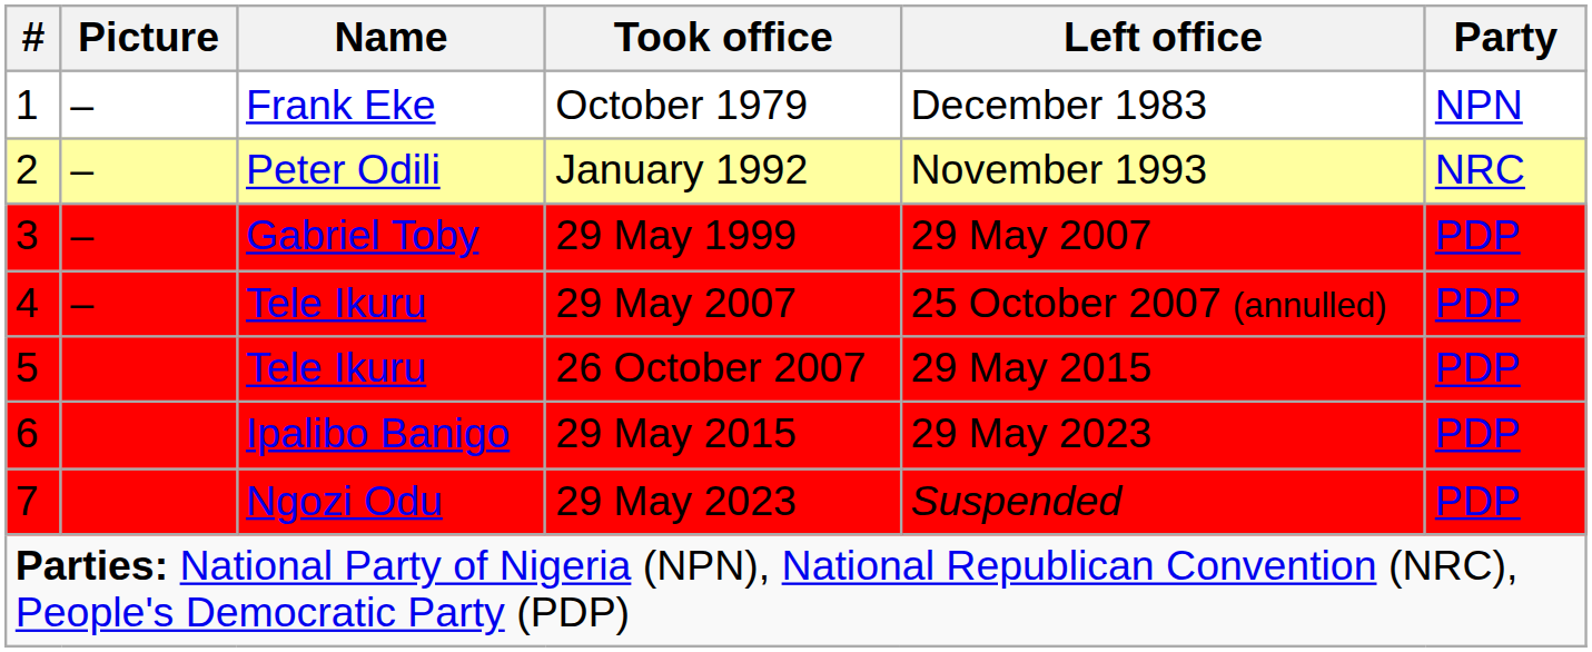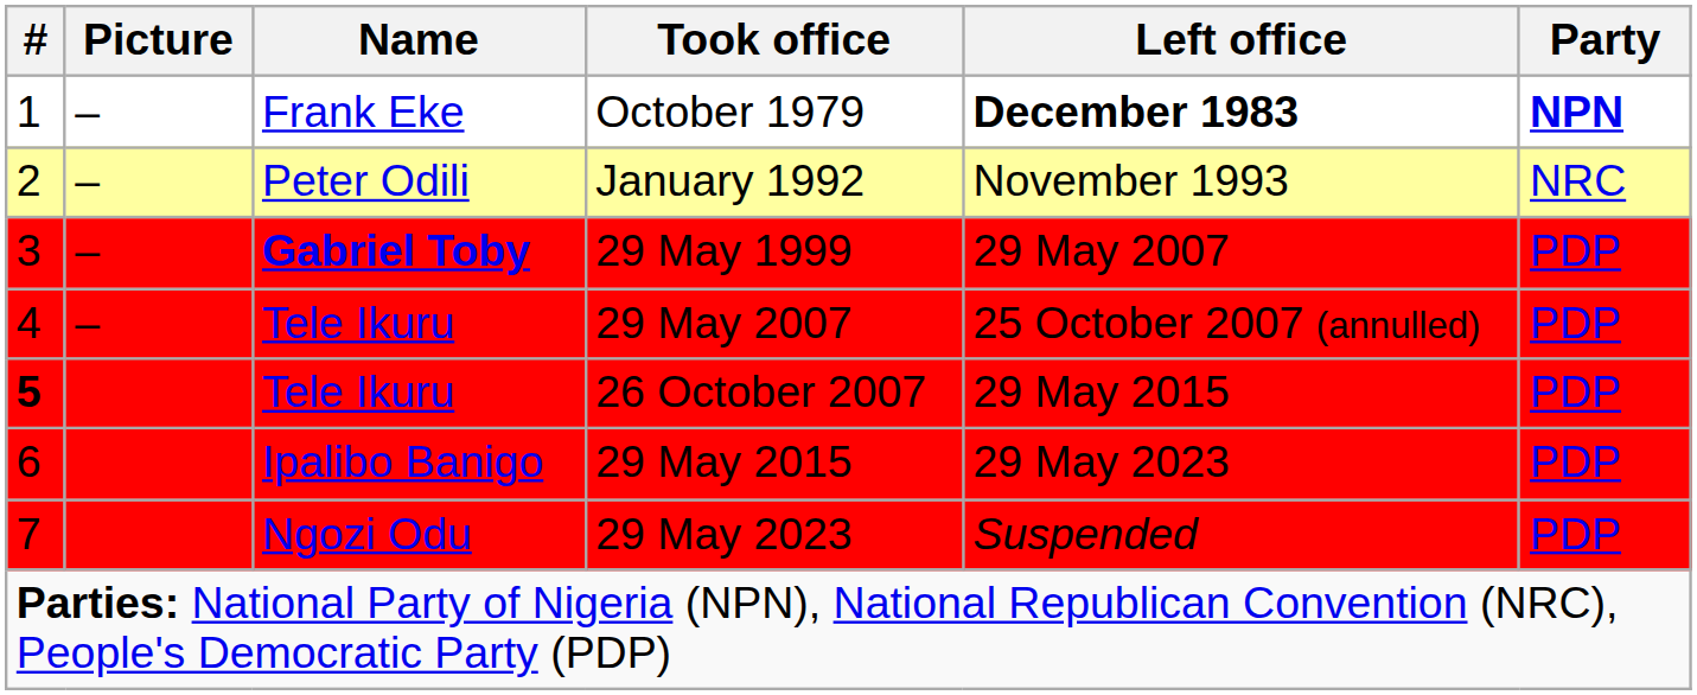 <table class="wikitable">
 <tr>
 <th>#</th>
 <th width=60px>Picture</th>
 <th>Name</th>
 <th>Took office</th>
 <th>Left office</th>
 <th>Party</th>
 </tr>
 <tr bgcolor=#FFFFFF>
 <td>1</td>
 <td>–</td>
 <td><a href='#'>Frank Eke</a></td>
 <td>October 1979</td>
-<td>December 1983</td>
-<td><a href='#'>NPN</a></td>
+<td><strong>December 1983</strong></td>
+<td><strong><a href='#'>NPN</a></strong></td>
 </tr>
 <tr bgcolor=#FFFFA0>
 <td>2</td>
 <td>–</td>
 <td><a href='#'>Peter Odili</a></td>
 <td>January 1992</td>
 <td>November 1993</td>
 <td><a href='#'>NRC</a></td>
 </tr>
 <tr bgcolor=#FF0000>
 <td>3</td>
 <td>–</td>
-<td><a href='#'>Gabriel Toby</a></td>
+<td><strong><a href='#'>Gabriel Toby</a></strong></td>
 <td>29 May 1999</td>
 <td>29 May 2007</td>
 <td><a href='#'>PDP</a></td>
 </tr>
 <tr bgcolor=#FF0000>
 <td>4</td>
 <td>–</td>
 <td><a href='#'>Tele Ikuru</a></td>
 <td>29 May 2007</td>
 <td>25 October 2007 <small>(annulled)</small></td>
 <td><a href='#'>PDP</a></td>
 </tr>
 <tr bgcolor=#FF0000>
-<td>5</td>
+<td><strong>5</strong></td>
 <td></td>
 <td><a href='#'>Tele Ikuru</a></td>
 <td>26 October 2007</td>
 <td>29 May 2015</td>
 <td><a href='#'>PDP</a></td>
 </tr>
 <tr bgcolor=#FF0000>
 <td>6</td>
 <td></td>
 <td><a href='#'>Ipalibo Banigo</a></td>
 <td>29 May 2015</td>
 <td>29 May 2023</td>
 <td><a href='#'>PDP</a></td>
 </tr>
 <tr bgcolor=#FF0000>
 <td>7</td>
 <td></td>
 <td><a href='#'>Ngozi Odu</a></td>
 <td>29 May 2023</td>
 <td><em>Suspended</em></td>
 <td><a href='#'>PDP</a></td>
 </tr>
 <tr>
 <td colspan="6"><strong>Parties:</strong> <a href='#'>National Party of Nigeria</a> (NPN), <a href='#'>National Republican Convention</a> (NRC), <a href='#'>People's Democratic Party</a> (PDP)</td>
 </tr>
 </table>
